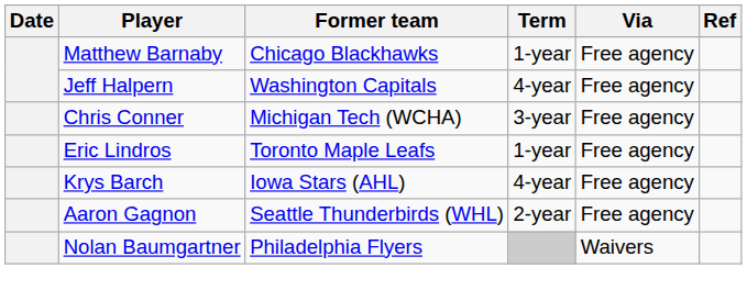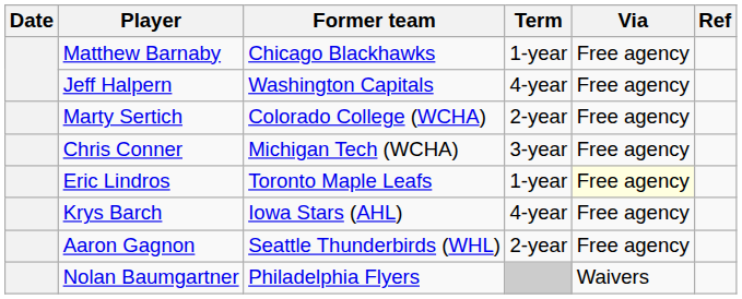 <table class="wikitable plainrowheaders">
 <tr style="background:#ddd; text-align:center;">
 <th>Date</th>
 <th>Player</th>
 <th>Former team</th>
 <th>Term</th>
 <th>Via</th>
 <th>Ref</th>
 </tr>
 <tr>
 <th scope="row" rowspan=2></th>
 <td><a href='#'>Matthew Barnaby</a></td>
 <td><a href='#'>Chicago Blackhawks</a></td>
 <td>1-year</td>
 <td>Free agency</td>
 <td></td>
 </tr>
 <tr>
 <td><a href='#'>Jeff Halpern</a></td>
 <td><a href='#'>Washington Capitals</a></td>
 <td>4-year</td>
 <td>Free agency</td>
 <td></td>
 </tr>
 <tr>
 <th scope="row"></th>
+<td><a href='#'>Marty Sertich</a></td>
+<td><a href='#'>Colorado College</a> (<a href='#'>WCHA</a>)</td>
+<td>2-year</td>
+<td>Free agency</td>
+<td></td>
+</tr>
+<tr>
+<th scope="row"></th>
 <td><a href='#'>Chris Conner</a></td>
 <td><a href='#'>Michigan Tech</a> (WCHA)</td>
 <td>3-year</td>
 <td>Free agency</td>
 <td></td>
 </tr>
 <tr>
 <th scope="row"></th>
 <td><a href='#'>Eric Lindros</a></td>
 <td><a href='#'>Toronto Maple Leafs</a></td>
 <td>1-year</td>
-<td>Free agency</td>
+<td style="background: lightyellow;">Free agency</td>
 <td></td>
 </tr>
 <tr>
 <th scope="row"></th>
 <td><a href='#'>Krys Barch</a></td>
 <td><a href='#'>Iowa Stars</a> (<a href='#'>AHL</a>)</td>
 <td>4-year</td>
 <td>Free agency</td>
 <td></td>
 </tr>
 <tr>
 <th scope="row"></th>
 <td><a href='#'>Aaron Gagnon</a></td>
 <td><a href='#'>Seattle Thunderbirds</a> (<a href='#'>WHL</a>)</td>
 <td>2-year</td>
 <td>Free agency</td>
 <td></td>
 </tr>
 <tr>
 <th scope="row"></th>
 <td><a href='#'>Nolan Baumgartner</a></td>
 <td><a href='#'>Philadelphia Flyers</a></td>
 <td style="background:#ccc"></td>
 <td>Waivers</td>
 <td></td>
 </tr>
 </table>
